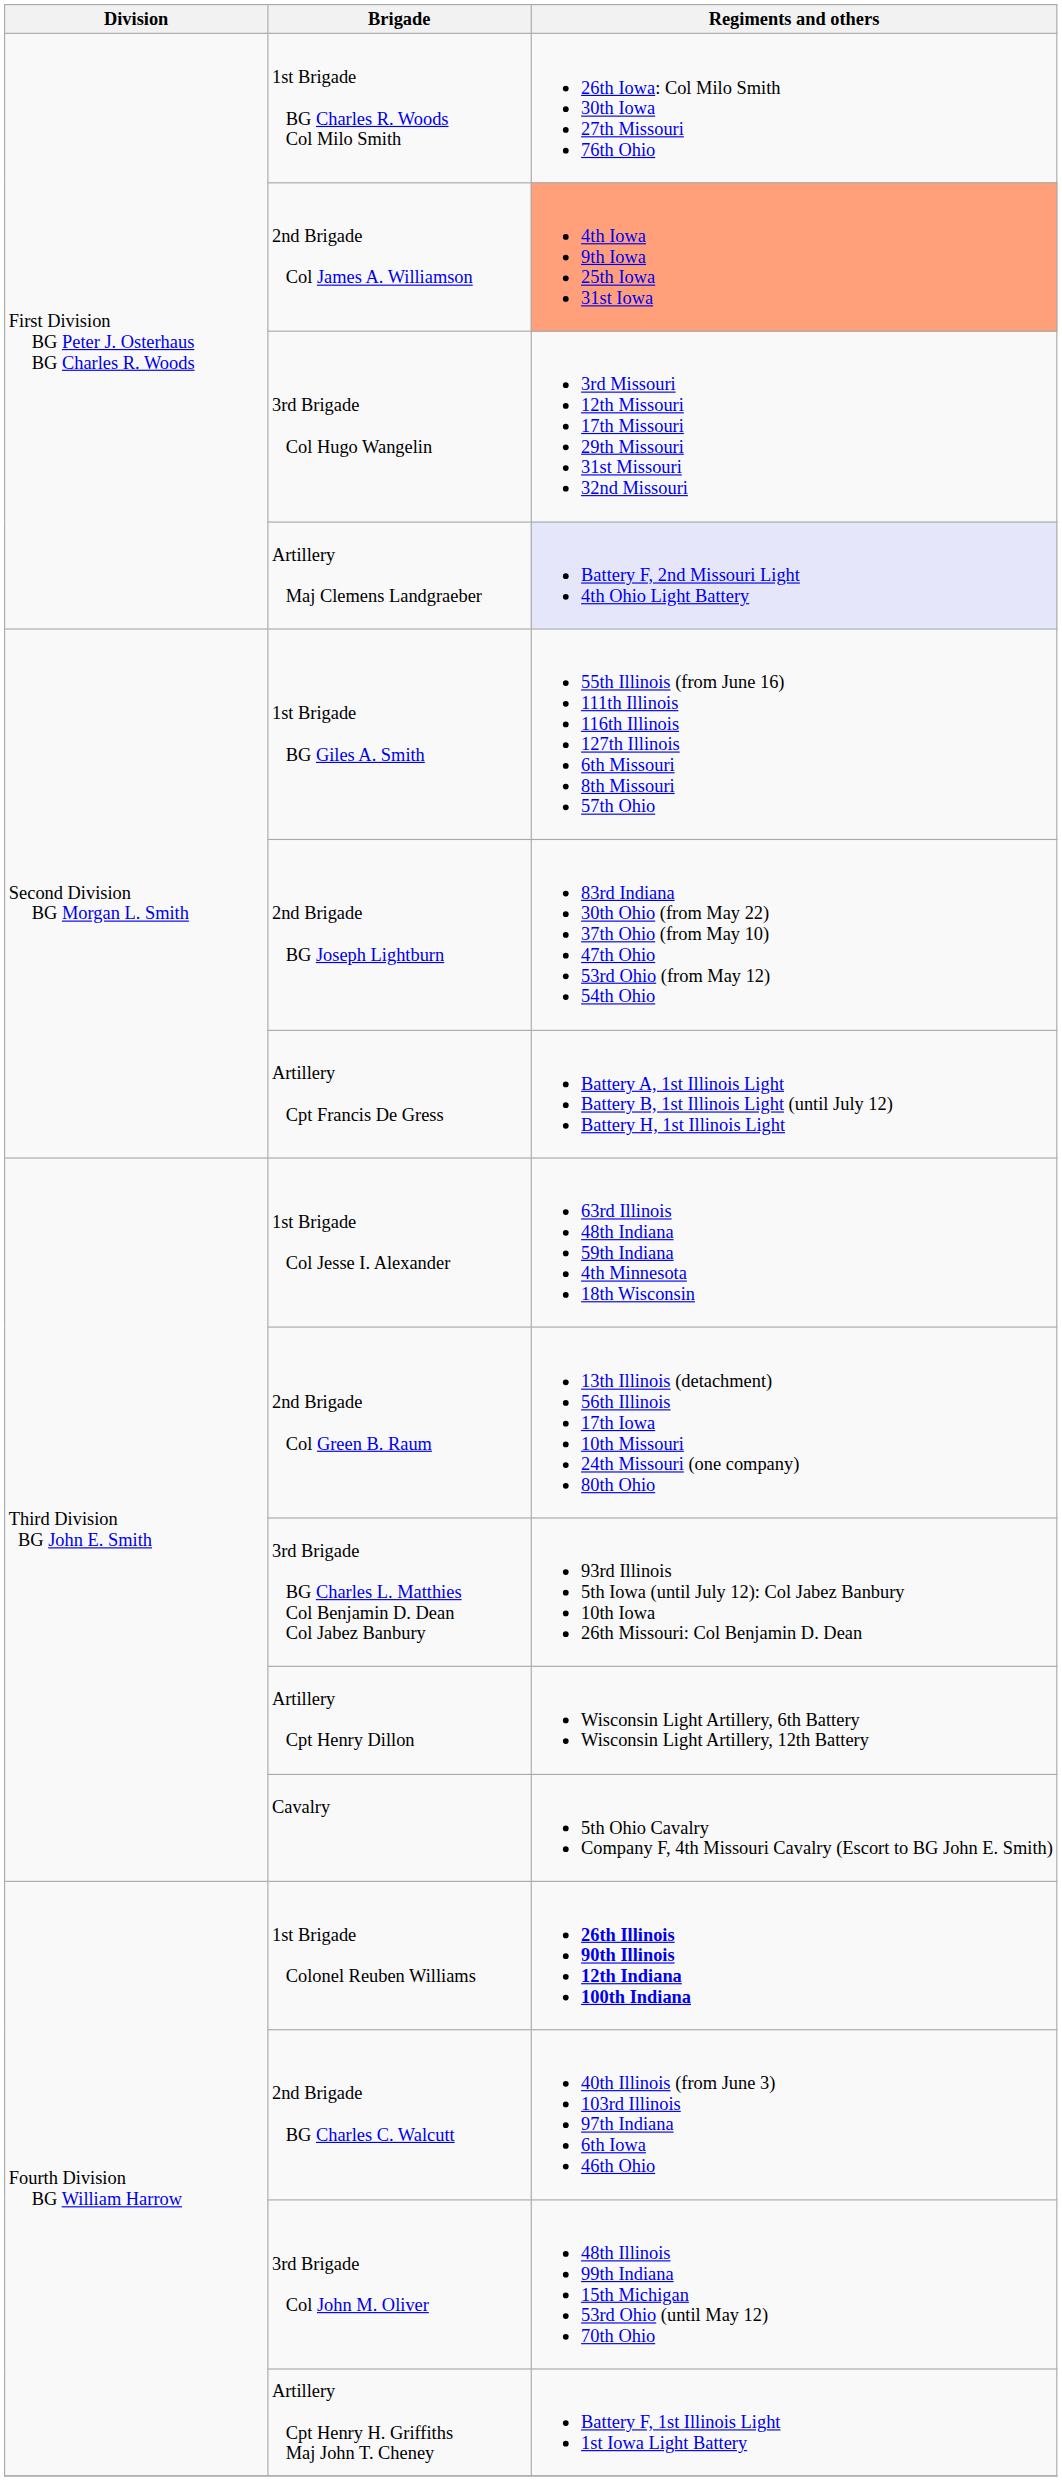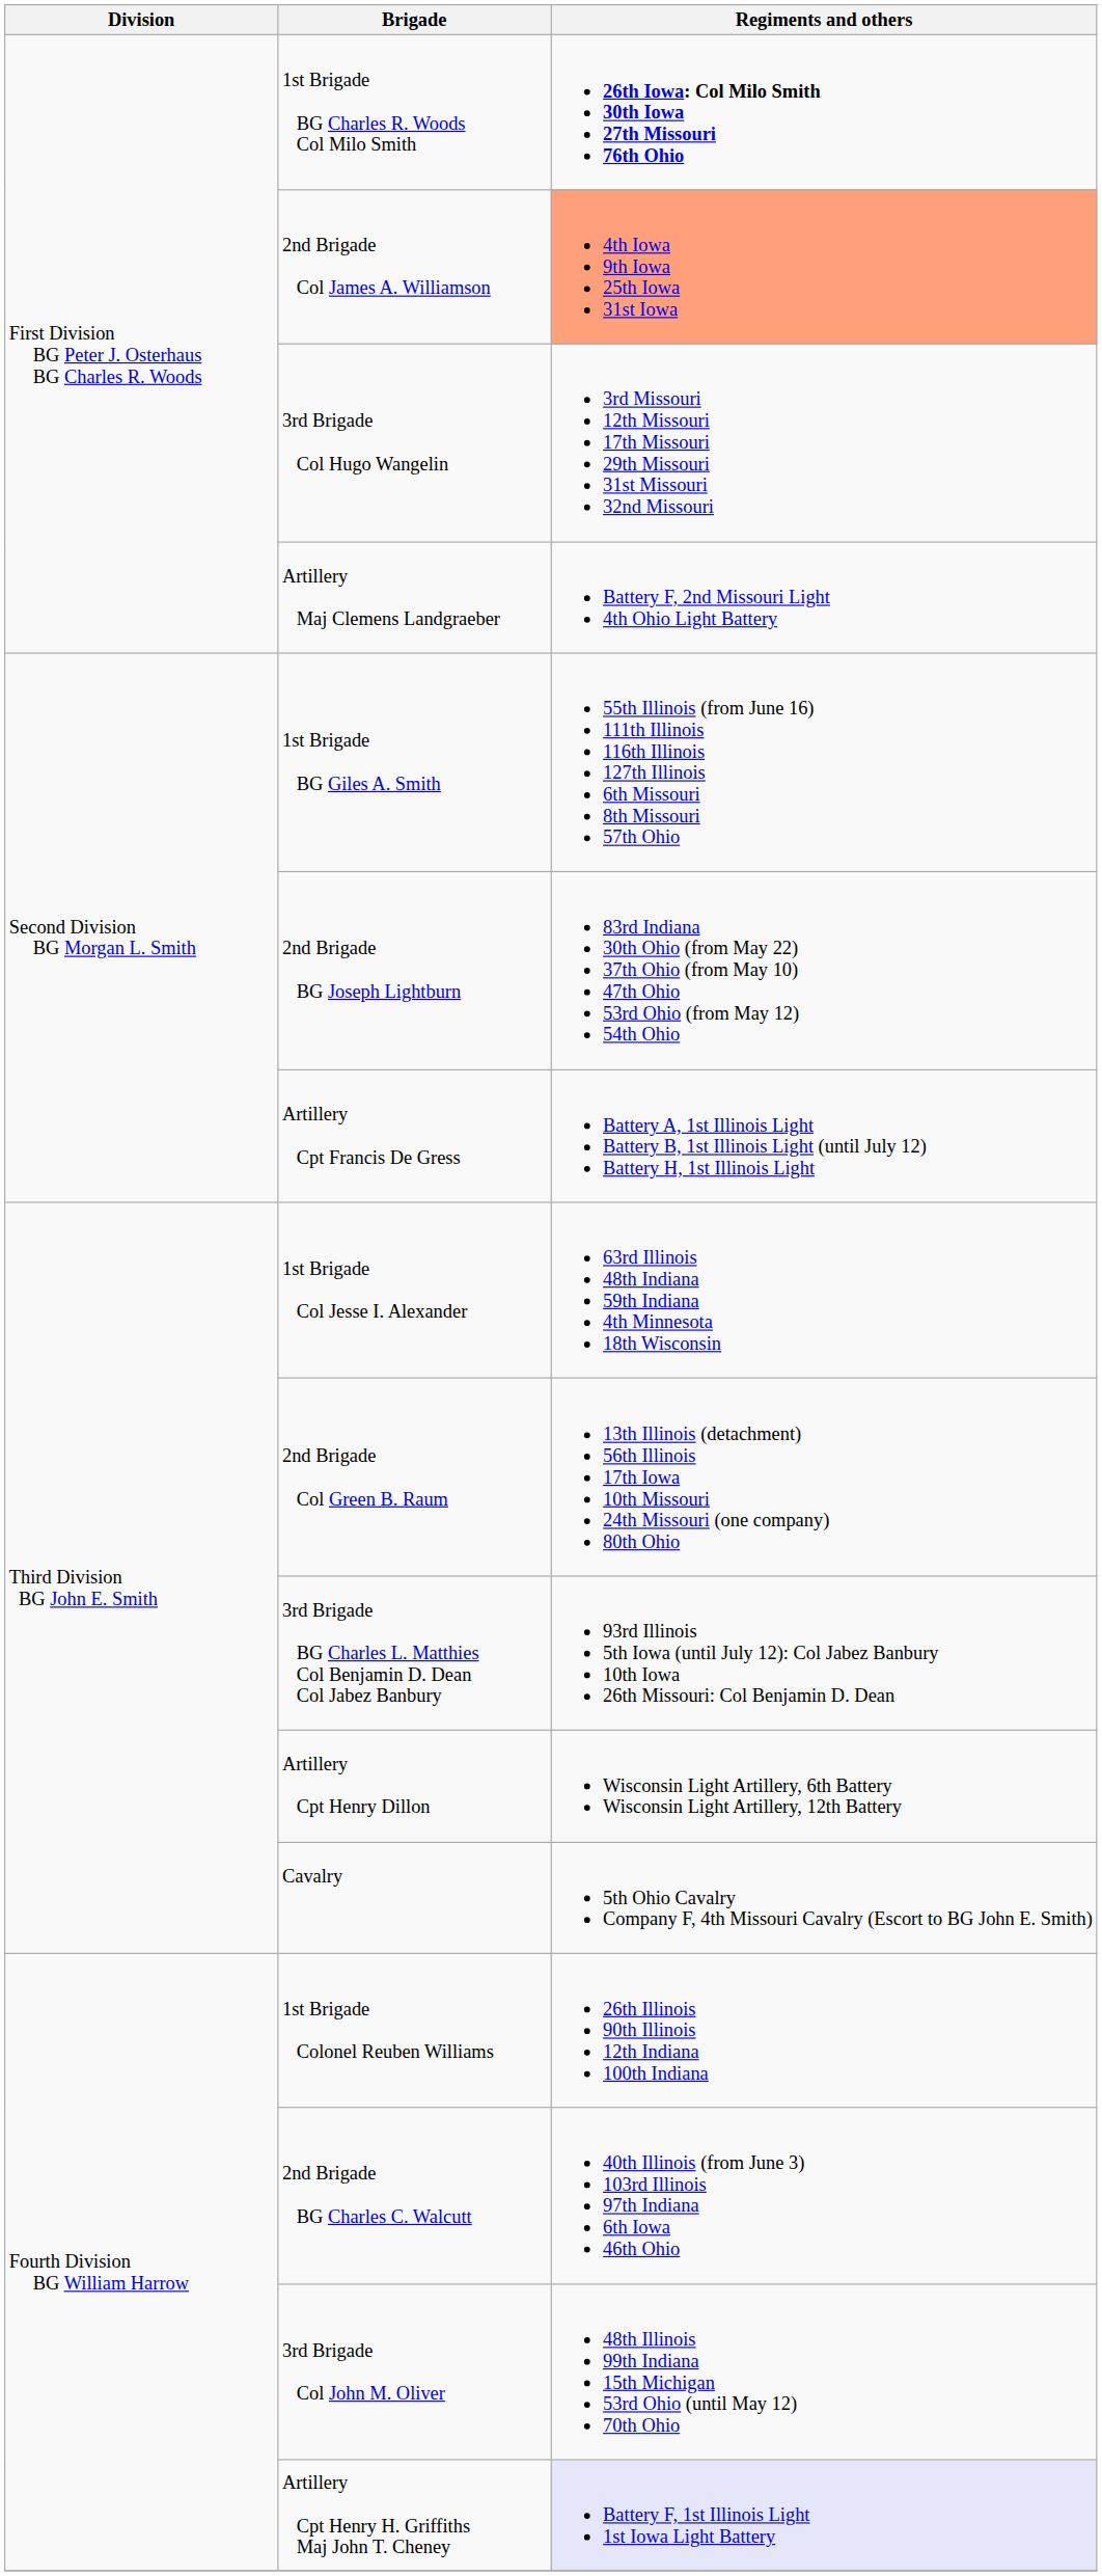 <table class="wikitable">
 <tr>
 <th width=25%>Division</th>
 <th width=25%>Brigade</th>
 <th>Regiments and others</th>
 </tr>
 <tr>
 <td rowspan=4><br>First Division <br>     BG <a href='#'>Peter J. Osterhaus</a><br>     BG <a href='#'>Charles R. Woods</a></td>
 <td>1st Brigade<br><br>   BG <a href='#'>Charles R. Woods</a><br>   Col Milo Smith</td>
-<td><br><ul><li><a href='#'>26th Iowa</a>: Col Milo Smith</li><li><a href='#'>30th Iowa</a></li><li><a href='#'>27th Missouri</a></li><li><a href='#'>76th Ohio</a></li></ul></td>
+<td><strong><br><ul><li><a href='#'>26th Iowa</a>: Col Milo Smith</li><li><a href='#'>30th Iowa</a></li><li><a href='#'>27th Missouri</a></li><li><a href='#'>76th Ohio</a></li></ul></strong></td>
 </tr>
 <tr>
 <td>2nd Brigade<br><br>   Col <a href='#'>James A. Williamson</a></td>
 <td style="background: lightsalmon;"><br><ul><li><a href='#'>4th Iowa</a></li><li><a href='#'>9th Iowa</a></li><li><a href='#'>25th Iowa</a></li><li><a href='#'>31st Iowa</a></li></ul></td>
 </tr>
 <tr>
 <td>3rd Brigade<br><br>   Col Hugo Wangelin</td>
 <td><br><ul><li><a href='#'>3rd Missouri</a></li><li><a href='#'>12th Missouri</a></li><li><a href='#'>17th Missouri</a></li><li><a href='#'>29th Missouri</a></li><li><a href='#'>31st Missouri</a></li><li><a href='#'>32nd Missouri</a></li></ul></td>
 </tr>
 <tr>
 <td>Artillery<br><br>   Maj Clemens Landgraeber</td>
-<td style="background: lavender;"><br><ul><li><a href='#'>Battery F, 2nd Missouri Light</a></li><li><a href='#'>4th Ohio Light Battery</a></li></ul></td>
+<td><br><ul><li><a href='#'>Battery F, 2nd Missouri Light</a></li><li><a href='#'>4th Ohio Light Battery</a></li></ul></td>
 </tr>
 <tr>
 <td rowspan=3><br>Second Division <br>     BG <a href='#'>Morgan L. Smith</a><br></td>
 <td>1st Brigade<br><br>   BG <a href='#'>Giles A. Smith</a></td>
 <td><br><ul><li><a href='#'>55th Illinois</a> (from June 16)</li><li><a href='#'>111th Illinois</a></li><li><a href='#'>116th Illinois</a></li><li><a href='#'>127th Illinois</a></li><li><a href='#'>6th Missouri</a></li><li><a href='#'>8th Missouri</a></li><li><a href='#'>57th Ohio</a></li></ul></td>
 </tr>
 <tr>
 <td>2nd Brigade<br><br>   BG <a href='#'>Joseph Lightburn</a></td>
 <td><br><ul><li><a href='#'>83rd Indiana</a></li><li><a href='#'>30th Ohio</a> (from May 22)</li><li><a href='#'>37th Ohio</a> (from May 10)</li><li><a href='#'>47th Ohio</a></li><li><a href='#'>53rd Ohio</a> (from May 12)</li><li><a href='#'>54th Ohio</a></li></ul></td>
 </tr>
 <tr>
 <td>Artillery<br><br>   Cpt Francis De Gress</td>
 <td><br><ul><li><a href='#'>Battery A, 1st Illinois Light</a></li><li><a href='#'>Battery B, 1st Illinois Light</a> (until July 12)</li><li><a href='#'>Battery H, 1st Illinois Light</a></li></ul></td>
 </tr>
 <tr>
 <td rowspan=5><br>Third Division <br>  BG <a href='#'>John E. Smith</a></td>
 <td>1st Brigade<br><br>   Col Jesse I. Alexander</td>
 <td><br><ul><li><a href='#'>63rd Illinois</a></li><li><a href='#'>48th Indiana</a></li><li><a href='#'>59th Indiana</a></li><li><a href='#'>4th Minnesota</a></li><li><a href='#'>18th Wisconsin</a></li></ul></td>
 </tr>
 <tr>
 <td>2nd Brigade<br><br>   Col <a href='#'>Green B. Raum</a></td>
 <td><br><ul><li><a href='#'>13th Illinois</a> (detachment)</li><li><a href='#'>56th Illinois</a></li><li><a href='#'>17th Iowa</a></li><li><a href='#'>10th Missouri</a></li><li><a href='#'>24th Missouri</a> (one company)</li><li><a href='#'>80th Ohio</a></li></ul></td>
 </tr>
 <tr>
 <td>3rd Brigade<br><br>   BG <a href='#'>Charles L. Matthies</a> <br>   Col Benjamin D. Dean <br>   Col Jabez Banbury</td>
 <td><br><ul><li>93rd Illinois</li><li>5th Iowa (until July 12): Col Jabez Banbury</li><li>10th Iowa</li><li>26th Missouri: Col Benjamin D. Dean</li></ul></td>
 </tr>
 <tr>
 <td>Artillery<br><br>   Cpt Henry Dillon</td>
 <td><br><ul><li>Wisconsin Light Artillery, 6th Battery</li><li>Wisconsin Light Artillery, 12th Battery</li></ul></td>
 </tr>
 <tr>
 <td>Cavalry<br><br>  </td>
 <td><br><ul><li>5th Ohio Cavalry</li><li>Company F, 4th Missouri Cavalry (Escort to BG John E. Smith)</li></ul></td>
 </tr>
 <tr>
 <td rowspan=4><br>Fourth Division <br>     BG <a href='#'>William Harrow</a><br></td>
 <td>1st Brigade<br><br>   Colonel Reuben Williams</td>
-<td><strong><br><ul><li><a href='#'>26th Illinois</a></li><li><a href='#'>90th Illinois</a></li><li><a href='#'>12th Indiana</a></li><li><a href='#'>100th Indiana</a></li></ul></strong></td>
+<td><br><ul><li><a href='#'>26th Illinois</a></li><li><a href='#'>90th Illinois</a></li><li><a href='#'>12th Indiana</a></li><li><a href='#'>100th Indiana</a></li></ul></td>
 </tr>
 <tr>
 <td>2nd Brigade<br><br>   BG <a href='#'>Charles C. Walcutt</a></td>
 <td><br><ul><li><a href='#'>40th Illinois</a> (from June 3)</li><li><a href='#'>103rd Illinois</a></li><li><a href='#'>97th Indiana</a></li><li><a href='#'>6th Iowa</a></li><li><a href='#'>46th Ohio</a></li></ul></td>
 </tr>
 <tr>
 <td>3rd Brigade<br><br>   Col <a href='#'>John M. Oliver</a></td>
 <td><br><ul><li><a href='#'>48th Illinois</a></li><li><a href='#'>99th Indiana</a></li><li><a href='#'>15th Michigan</a></li><li><a href='#'>53rd Ohio</a> (until May 12)</li><li><a href='#'>70th Ohio</a></li></ul></td>
 </tr>
 <tr>
 <td>Artillery<br><br>   Cpt Henry H. Griffiths <br>   Maj John T. Cheney</td>
-<td><br><ul><li><a href='#'>Battery F, 1st Illinois Light</a></li><li><a href='#'>1st Iowa Light Battery</a></li></ul></td>
+<td style="background: lavender;"><br><ul><li><a href='#'>Battery F, 1st Illinois Light</a></li><li><a href='#'>1st Iowa Light Battery</a></li></ul></td>
 </tr>
 <tr>
 </tr>
 </table>
